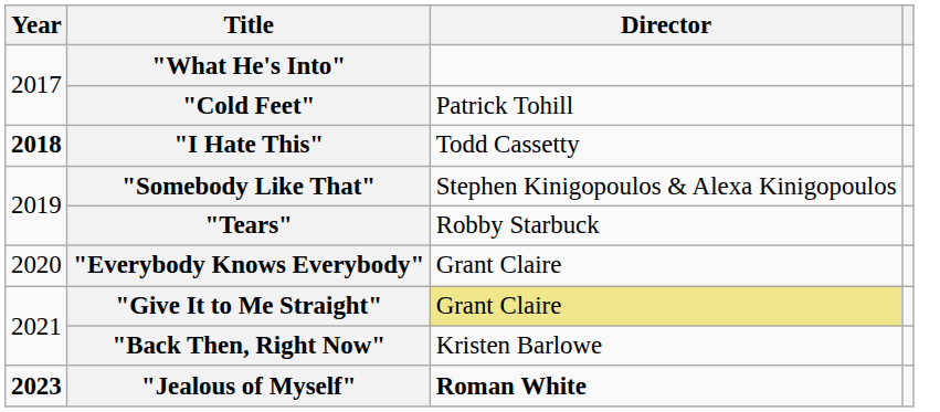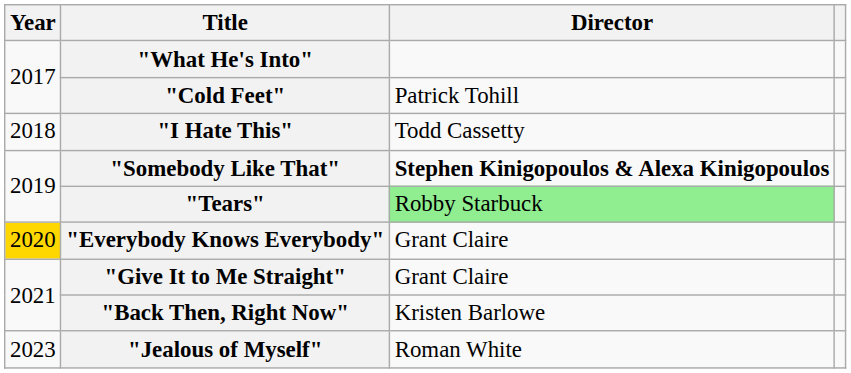 <table class="wikitable plainrowheaders">
 <tr>
 <th scope="col">Year</th>
 <th scope="col">Title</th>
 <th scope="col">Director</th>
 <th scope="col"></th>
 </tr>
 <tr>
 <td rowspan="2">2017</td>
 <th scope="row">"What He's Into"</th>
 <td></td>
 <td></td>
 </tr>
 <tr>
 <th scope="row">"Cold Feet"</th>
 <td>Patrick Tohill</td>
 <td></td>
 </tr>
 <tr>
-<td><strong>2018</strong></td>
+<td>2018</td>
 <th scope="row">"I Hate This"</th>
 <td>Todd Cassetty</td>
 <td></td>
 </tr>
 <tr>
 <td rowspan="2">2019</td>
 <th scope="row">"Somebody Like That"</th>
-<td>Stephen Kinigopoulos & Alexa Kinigopoulos</td>
+<td><strong>Stephen Kinigopoulos & Alexa Kinigopoulos</strong></td>
 <td></td>
 </tr>
 <tr>
 <th scope="row">"Tears"</th>
-<td>Robby Starbuck</td>
+<td style="background: lightgreen;">Robby Starbuck</td>
 <td></td>
 </tr>
 <tr>
-<td>2020</td>
+<td style="background: gold;">2020</td>
 <th scope="row">"Everybody Knows Everybody"</th>
 <td>Grant Claire</td>
 <td></td>
 </tr>
 <tr>
 <td rowspan="2">2021</td>
 <th scope="row">"Give It to Me Straight"</th>
-<td style="background: khaki;">Grant Claire</td>
+<td>Grant Claire</td>
 <td></td>
 </tr>
 <tr>
 <th scope="row">"Back Then, Right Now"</th>
 <td>Kristen Barlowe</td>
 <td></td>
 </tr>
 <tr>
-<td><strong>2023</strong></td>
+<td>2023</td>
 <th scope="row">"Jealous of Myself"</th>
-<td><strong>Roman White</strong></td>
+<td>Roman White</td>
 <td></td>
 </tr>
 </table>
